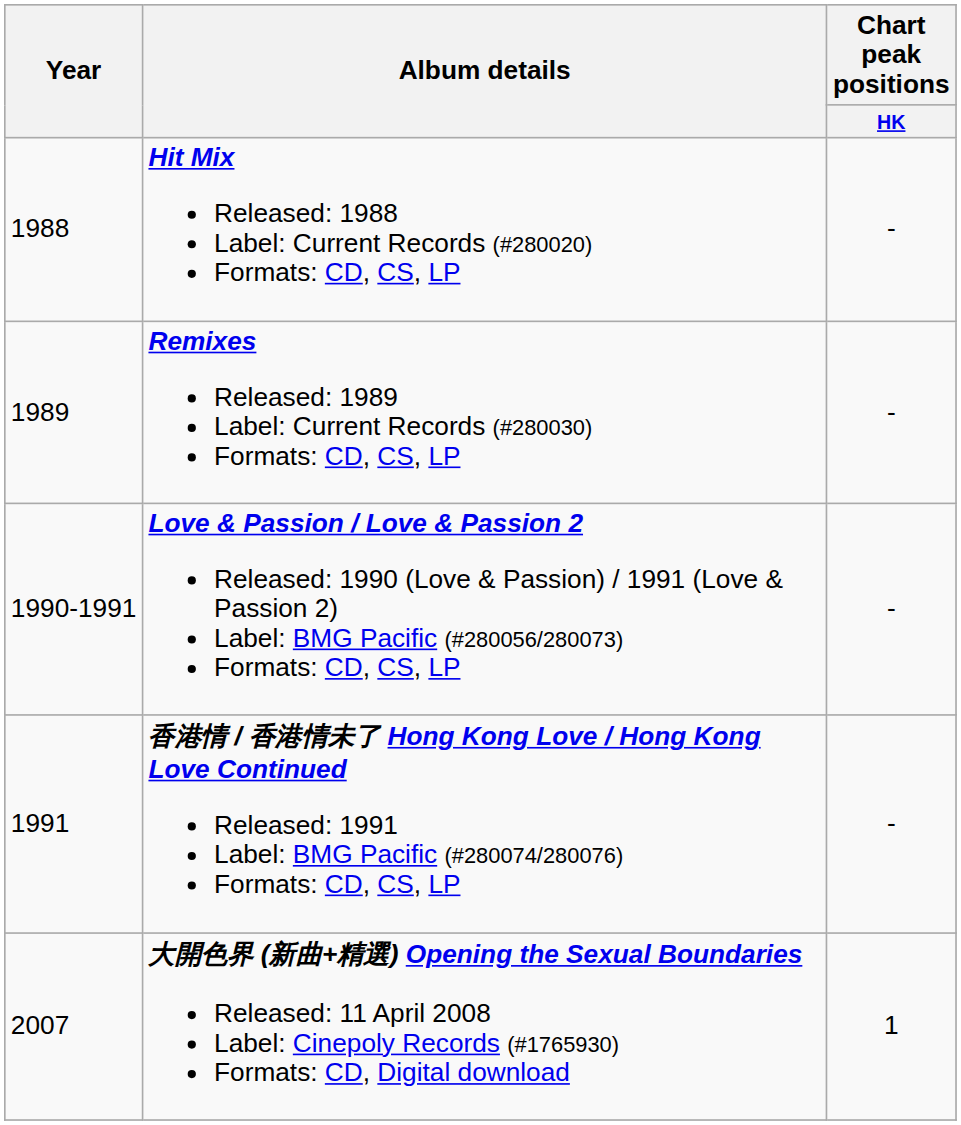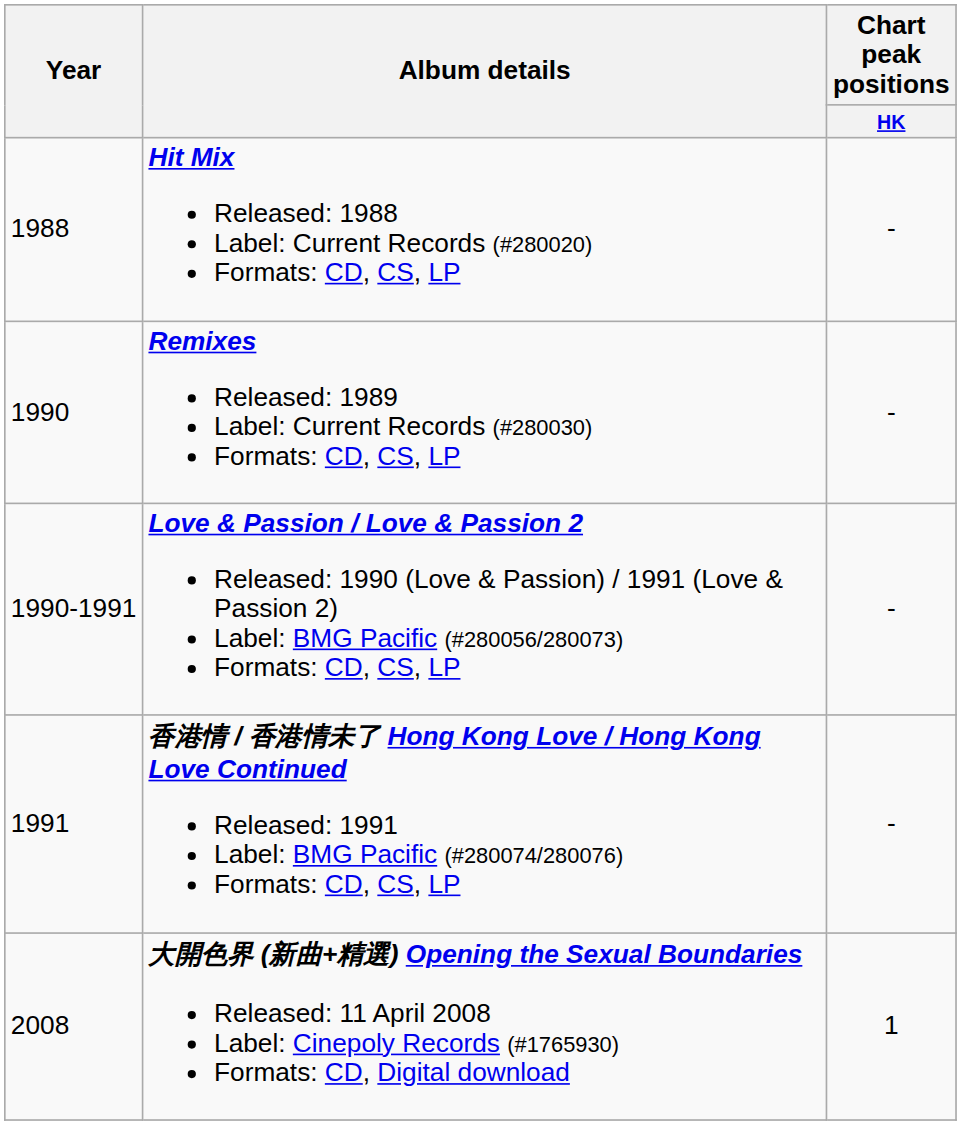 <table class="wikitable" border="1">
 <tr>
 <th rowspan="2">Year</th>
 <th rowspan="2" width="410">Album details</th>
 <th width="60" colspan="1">Chart peak positions</th>
 </tr>
 <tr>
 <th style="width:3em;font-size:75%;"><a href='#'>HK</a><br></th>
 </tr>
 <tr>
 <td>1988</td>
 <td><strong><em><a href='#'>Hit Mix</a></em></strong><br><ul><li>Released: 1988</li><li>Label: Current Records <small>(#280020)</small></li><li>Formats: <a href='#'>CD</a>, <a href='#'>CS</a>, <a href='#'>LP</a></li></ul></td>
 <td align="center">-</td>
 </tr>
 <tr>
-<td>1989</td>
+<td>1990</td>
 <td><strong><em><a href='#'>Remixes</a></em></strong><br><ul><li>Released: 1989</li><li>Label: Current Records <small>(#280030)</small></li><li>Formats: <a href='#'>CD</a>, <a href='#'>CS</a>, <a href='#'>LP</a></li></ul></td>
 <td align="center">-</td>
 </tr>
 <tr>
 <td>1990-1991</td>
 <td><strong><em><a href='#'>Love & Passion / Love & Passion 2</a></em></strong><br><ul><li>Released: 1990 (Love & Passion) / 1991 (Love & Passion 2)</li><li>Label: <a href='#'>BMG Pacific</a> <small>(#280056/280073)</small></li><li>Formats: <a href='#'>CD</a>, <a href='#'>CS</a>, <a href='#'>LP</a></li></ul></td>
 <td align="center">-</td>
 </tr>
 <tr>
 <td>1991</td>
 <td><strong><em>香港情 / 香港情未了 <a href='#'>Hong Kong Love / Hong Kong Love Continued</a></em></strong><br><ul><li>Released: 1991</li><li>Label: <a href='#'>BMG Pacific</a> <small>(#280074/280076)</small></li><li>Formats: <a href='#'>CD</a>, <a href='#'>CS</a>, <a href='#'>LP</a></li></ul></td>
 <td align="center">-</td>
 </tr>
 <tr>
-<td>2007</td>
+<td>2008</td>
 <td><strong><em>大開色界 (新曲+精選) <a href='#'>Opening the Sexual Boundaries</a></em></strong><br><ul><li>Released: 11 April 2008</li><li>Label: <a href='#'>Cinepoly Records</a> <small>(#1765930)</small></li><li>Formats: <a href='#'>CD</a>, <a href='#'>Digital download</a></li></ul></td>
 <td align="center">1</td>
 </tr>
 </table>
